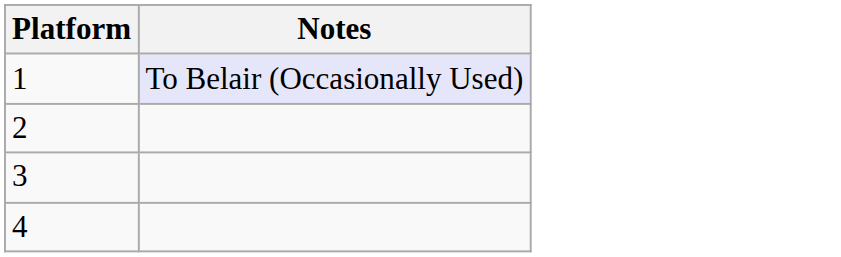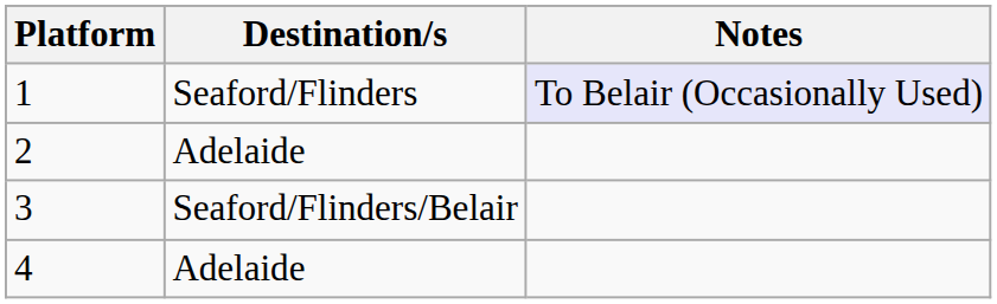 <table class="wikitable">
 <tr>
 <th>Platform</th>
+<th>Destination/s</th>
 <th>Notes</th>
 </tr>
 <tr>
 <td style="background:#"><span>1</span></td>
+<td>Seaford/Flinders</td>
 <td style="background: lavender;">To Belair (Occasionally Used)</td>
 </tr>
 <tr>
 <td style="background:#"><span>2</span></td>
+<td>Adelaide</td>
 <td></td>
 </tr>
 <tr>
 <td style="background:#"><span>3</span></td>
+<td>Seaford/Flinders/Belair</td>
 <td></td>
 </tr>
 <tr>
 <td style="background:#"><span>4</span></td>
+<td>Adelaide</td>
 <td></td>
 </tr>
 </table>
